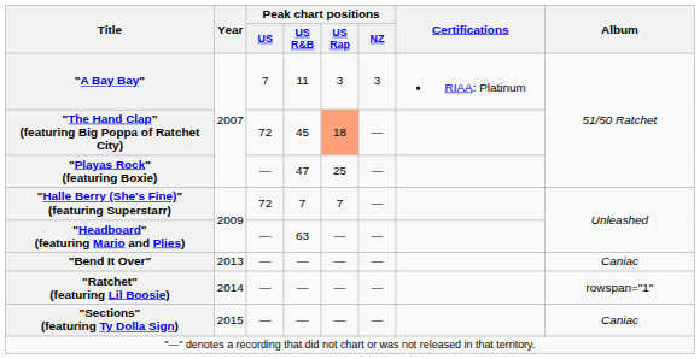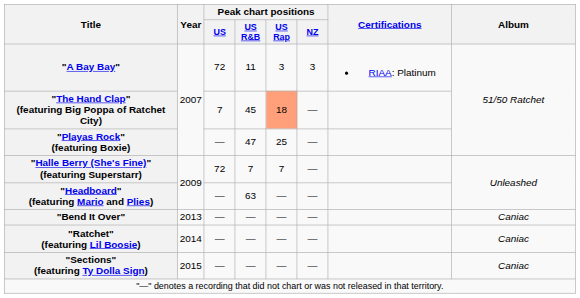 <table class="wikitable plainrowheaders" style="text-align:center;">
 <tr>
 <th scope="col" rowspan="2" style="width:17em;">Title</th>
 <th scope="col" rowspan="2">Year</th>
 <th scope="col" colspan="4">Peak chart positions</th>
 <th scope="col" rowspan="2" style="width:12em;"><a href='#'>Certifications</a></th>
 <th scope="col" rowspan="2" style="width:12em;">Album</th>
 </tr>
 <tr>
 <th style="width:3em; font-size:90%"><a href='#'>US</a><br></th>
 <th style="width:3em; font-size:90%"><a href='#'>US<br>R&B</a><br></th>
 <th style="width:3em; font-size:90%"><a href='#'>US<br>Rap</a><br></th>
 <th style="width:3em; font-size:90%"><a href='#'>NZ</a><br></th>
 </tr>
 <tr>
 <th scope="row">"<a href='#'>A Bay Bay</a>"</th>
 <td rowspan="3">2007</td>
-<td>7</td>
+<td>72</td>
 <td>11</td>
 <td>3</td>
 <td>3</td>
 <td><br><ul><li><a href='#'>RIAA</a>: Platinum</li></ul></td>
 <td rowspan="3"><em>51/50 Ratchet</em></td>
 </tr>
 <tr>
 <th scope="row">"<a href='#'>The Hand Clap</a>"<br><span>(featuring Big Poppa of Ratchet City)</span></th>
-<td>72</td>
+<td>7</td>
 <td>45</td>
 <td style="background: lightsalmon;">18</td>
 <td>—</td>
 <td></td>
 </tr>
 <tr>
 <th scope="row">"<a href='#'>Playas Rock</a>"<br><span>(featuring Boxie)</span></th>
 <td>—</td>
 <td>47</td>
 <td>25</td>
 <td>—</td>
 <td></td>
 </tr>
 <tr>
 <th scope="row">"<a href='#'>Halle Berry (She's Fine)</a>"<br><span>(featuring Superstarr)</span></th>
 <td rowspan="2">2009</td>
 <td>72</td>
 <td>7</td>
 <td>7</td>
 <td>—</td>
 <td></td>
 <td rowspan="2"><em>Unleashed</em></td>
 </tr>
 <tr>
 <th scope="row">"<a href='#'>Headboard</a>"<br><span>(featuring <a href='#'>Mario</a> and <a href='#'>Plies</a>)</span></th>
 <td>—</td>
 <td>63</td>
 <td>—</td>
 <td>—</td>
 <td></td>
 </tr>
 <tr>
 <th scope="row">"Bend It Over"</th>
 <td>2013</td>
 <td>—</td>
 <td>—</td>
 <td>—</td>
 <td>—</td>
 <td></td>
 <td><em>Caniac</em></td>
 </tr>
 <tr>
 <th scope="row">"Ratchet"<br><span>(featuring <a href='#'>Lil Boosie</a>)</span></th>
 <td>2014</td>
 <td>—</td>
 <td>—</td>
 <td>—</td>
 <td>—</td>
 <td></td>
-<td>rowspan="1" </td>
+<td><em>Caniac</em></td>
 </tr>
 <tr>
 <th scope="row">"Sections"<br><span>(featuring <a href='#'>Ty Dolla Sign</a>)</span></th>
 <td>2015</td>
 <td>—</td>
 <td>—</td>
 <td>—</td>
 <td>—</td>
 <td></td>
 <td><em>Caniac</em></td>
 </tr>
 <tr>
 <td colspan="8" style="font-size:90%">"—" denotes a recording that did not chart or was not released in that territory.</td>
 </tr>
 </table>
